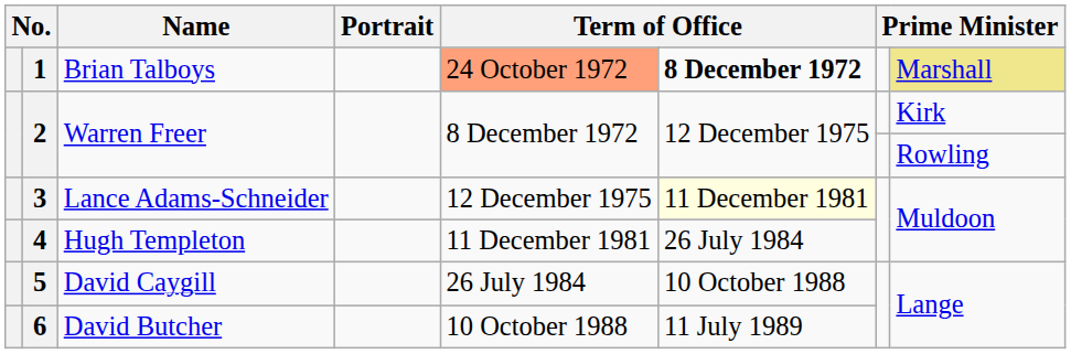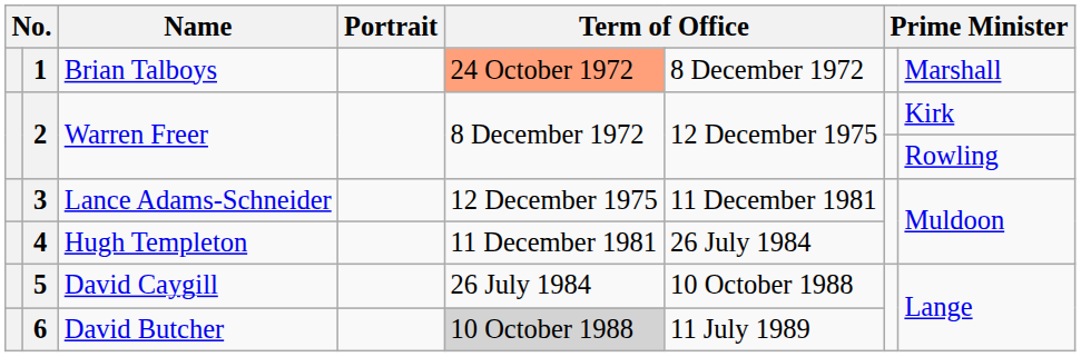 <table class="wikitable">
 <tr>
 <th colspan="2">No.</th>
 <th>Name</th>
 <th>Portrait</th>
 <th colspan="2">Term of Office</th>
 <th colspan="2">Prime Minister</th>
 </tr>
 <tr>
 <th style="color:inherit;background:"></th>
 <th>1</th>
 <td><a href='#'>Brian Talboys</a></td>
 <td></td>
 <td style="background: lightsalmon;">24 October 1972</td>
-<td><strong>8 December 1972</strong></td>
+<td>8 December 1972</td>
 <td width=1 style="color:inherit;background:"></td>
-<td style="background: khaki;"><a href='#'>Marshall</a></td>
+<td><a href='#'>Marshall</a></td>
 </tr>
 <tr>
 <th rowspan=2 style="color:inherit;background:"></th>
 <th rowspan=2>2</th>
 <td rowspan=2><a href='#'>Warren Freer</a></td>
 <td rowspan=2></td>
 <td rowspan=2>8 December 1972</td>
 <td rowspan=2>12 December 1975</td>
 <td style="color:inherit;background:"></td>
 <td><a href='#'>Kirk</a></td>
 </tr>
 <tr>
 <td style="color:inherit;background:"></td>
 <td><a href='#'>Rowling</a></td>
 </tr>
 <tr>
 <th style="color:inherit;background:"></th>
 <th>3</th>
 <td><a href='#'>Lance Adams-Schneider</a></td>
 <td></td>
 <td>12 December 1975</td>
-<td style="background: lightyellow;">11 December 1981</td>
+<td>11 December 1981</td>
 <td rowspan=2 style="color:inherit;background:"></td>
 <td rowspan=2><a href='#'>Muldoon</a></td>
 </tr>
 <tr>
 <th style="color:inherit;background:"></th>
 <th>4</th>
 <td><a href='#'>Hugh Templeton</a></td>
 <td></td>
 <td>11 December 1981</td>
 <td>26 July 1984</td>
 </tr>
 <tr>
 <th style="color:inherit;background:"></th>
 <th>5</th>
 <td><a href='#'>David Caygill</a></td>
 <td></td>
 <td>26 July 1984</td>
 <td>10 October 1988</td>
 <td rowspan=2 style="color:inherit;background:"></td>
 <td rowspan=2><a href='#'>Lange</a></td>
 </tr>
 <tr>
 <th style="color:inherit;background:"></th>
 <th>6</th>
 <td><a href='#'>David Butcher</a></td>
 <td></td>
-<td>10 October 1988</td>
+<td style="background: lightgrey;">10 October 1988</td>
 <td>11 July 1989</td>
 </tr>
 </table>
